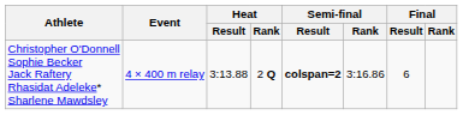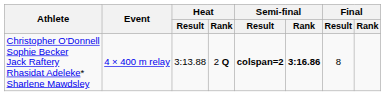 <table class="wikitable" style="font-size:90%">
 <tr>
 <th rowspan="2">Athlete</th>
 <th rowspan="2">Event</th>
 <th colspan="2">Heat</th>
 <th colspan="2">Semi-final</th>
 <th colspan="2">Final</th>
 </tr>
 <tr style="font-size:95%">
 <th>Result</th>
 <th>Rank</th>
 <th>Result</th>
 <th>Rank</th>
 <th>Result</th>
 <th>Rank</th>
 </tr>
 <tr align=center>
 <td align=left><a href='#'>Christopher O'Donnell</a><br><a href='#'>Sophie Becker</a><br><a href='#'>Jack Raftery</a><br><a href='#'>Rhasidat Adeleke</a>*<br><a href='#'>Sharlene Mawdsley</a></td>
 <td align=left><a href='#'>4 × 400 m relay</a></td>
 <td>3:13.88 </td>
 <td>2 <strong>Q</strong></td>
 <td><strong>colspan=2 </strong></td>
-<td>3:16.86</td>
-<td>6</td>
+<td><strong>3:16.86</strong></td>
+<td>8</td>
 </tr>
 </table>
